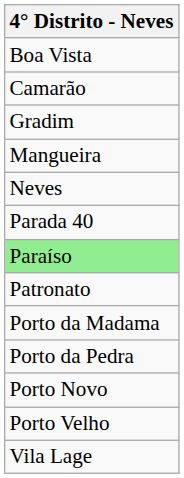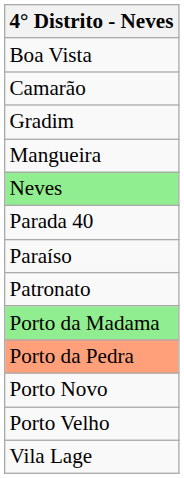 <table class="wikitable">
 <tr>
 <th>4° Distrito - Neves</th>
 </tr>
 <tr>
 <td>Boa Vista</td>
 </tr>
 <tr>
 <td>Camarão</td>
 </tr>
 <tr>
 <td>Gradim</td>
 </tr>
 <tr>
 <td>Mangueira</td>
 </tr>
 <tr>
-<td>Neves</td>
+<td style="background: lightgreen;">Neves</td>
 </tr>
 <tr>
 <td>Parada 40</td>
 </tr>
 <tr>
-<td style="background: lightgreen;">Paraíso</td>
+<td>Paraíso</td>
 </tr>
 <tr>
 <td>Patronato</td>
 </tr>
 <tr>
-<td>Porto da Madama</td>
+<td style="background: lightgreen;">Porto da Madama</td>
 </tr>
 <tr>
-<td>Porto da Pedra</td>
+<td style="background: lightsalmon;">Porto da Pedra</td>
 </tr>
 <tr>
 <td>Porto Novo</td>
 </tr>
 <tr>
 <td>Porto Velho</td>
 </tr>
 <tr>
 <td>Vila Lage</td>
 </tr>
 </table>
